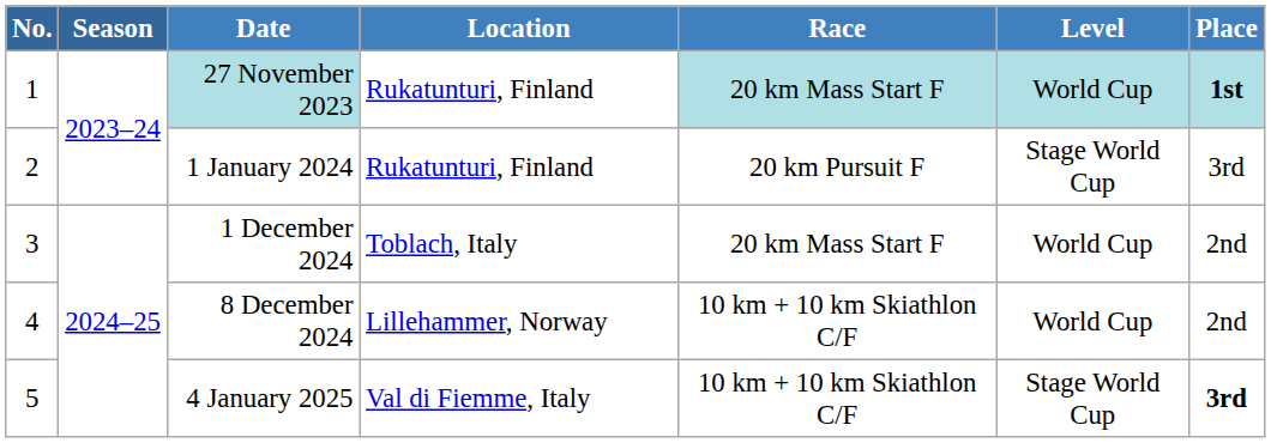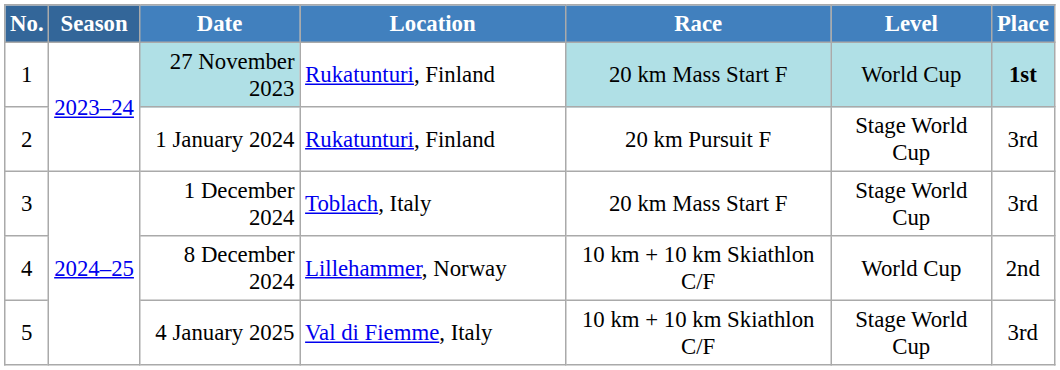 <table class="wikitable sortable" style="font-size:95%; text-align:center; border:grey solid 1px; border-collapse:collapse; background:#ffffff;">
 <tr style="background:#efefef;">
 <th style="background-color:#369; color:white;">No.</th>
 <th style="background-color:#369; color:white;">Season</th>
 <th style="background-color:#4180be; color:white; width:100px;">Date</th>
 <th style="background-color:#4180be; color:white; width:170px;">Location</th>
 <th style="background-color:#4180be; color:white; width:170px;">Race</th>
 <th style="background-color:#4180be; color:white; width:100px;">Level</th>
 <th style="background-color:#4180be; color:white;">Place</th>
 </tr>
 <tr>
 <td align=center>1</td>
 <td rowspan="2" align="center"><a href='#'>2023–24</a></td>
 <td bgcolor="#BOEOE6" align=right>27 November 2023</td>
 <td align=left> <a href='#'>Rukatunturi</a>, Finland</td>
 <td bgcolor="#BOEOE6">20 km Mass Start F</td>
 <td bgcolor="#BOEOE6">World Cup</td>
 <td bgcolor="#BOEOE6"><strong>1st</strong></td>
 </tr>
 <tr>
 <td align=center>2</td>
 <td align=right>1 January 2024</td>
 <td align=left> <a href='#'>Rukatunturi</a>, Finland</td>
 <td>20 km Pursuit F</td>
 <td>Stage World Cup</td>
 <td>3rd</td>
 </tr>
 <tr>
 <td align=center>3</td>
 <td rowspan="3" align="center"><a href='#'>2024–25</a></td>
 <td align=right>1 December 2024</td>
 <td align=left> <a href='#'>Toblach</a>, Italy</td>
 <td>20 km Mass Start F</td>
-<td>World Cup</td>
-<td>2nd</td>
+<td>Stage World Cup</td>
+<td>3rd</td>
 </tr>
 <tr>
 <td align=center>4</td>
 <td align=right>8 December 2024</td>
 <td align=left> <a href='#'>Lillehammer</a>, Norway</td>
 <td>10 km + 10 km Skiathlon C/F</td>
 <td>World Cup</td>
 <td>2nd</td>
 </tr>
 <tr>
 <td align=center>5</td>
 <td align=right>4 January 2025</td>
 <td align=left> <a href='#'>Val di Fiemme</a>, Italy</td>
 <td>10 km + 10 km Skiathlon C/F</td>
 <td>Stage World Cup</td>
-<td><strong>3rd</strong></td>
+<td>3rd</td>
 </tr>
 </table>
